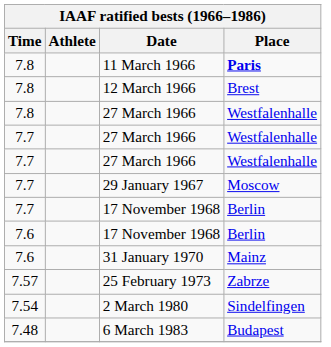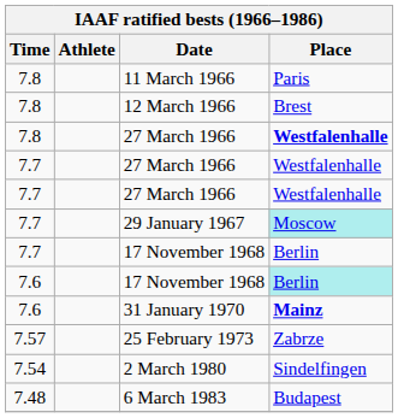 <table class="wikitable">
 <tr>
 <th colspan=5>IAAF ratified bests (1966–1986)</th>
 </tr>
 <tr>
 <th scope=col>Time</th>
 <th scope=col>Athlete</th>
 <th scope=col>Date</th>
 <th scope=col>Place</th>
 </tr>
 <tr>
 <td align=center>7.8</td>
 <td></td>
 <td>11 March 1966</td>
-<td><strong><a href='#'>Paris</a></strong></td>
+<td><a href='#'>Paris</a></td>
 </tr>
 <tr>
 <td align=center>7.8</td>
 <td></td>
 <td>12 March 1966</td>
 <td><a href='#'>Brest</a></td>
 </tr>
 <tr>
 <td align=center>7.8</td>
 <td></td>
 <td>27 March 1966</td>
-<td><a href='#'>Westfalenhalle</a></td>
+<td><strong><a href='#'>Westfalenhalle</a></strong></td>
 </tr>
 <tr>
 <td align=center>7.7</td>
 <td></td>
 <td>27 March 1966</td>
 <td><a href='#'>Westfalenhalle</a></td>
 </tr>
 <tr>
 <td align=center>7.7 </td>
 <td></td>
 <td>27 March 1966</td>
 <td><a href='#'>Westfalenhalle</a></td>
 </tr>
 <tr>
 <td align=center>7.7</td>
 <td></td>
 <td>29 January 1967</td>
-<td><a href='#'>Moscow</a></td>
+<td style="background: paleturquoise;"><a href='#'>Moscow</a></td>
 </tr>
 <tr>
 <td align=center>7.7</td>
 <td></td>
 <td>17 November 1968</td>
 <td><a href='#'>Berlin</a></td>
 </tr>
 <tr>
 <td align=center>7.6</td>
 <td></td>
 <td>17 November 1968</td>
-<td><a href='#'>Berlin</a></td>
+<td style="background: paleturquoise;"><a href='#'>Berlin</a></td>
 </tr>
 <tr>
 <td align=center>7.6</td>
 <td></td>
 <td>31 January 1970</td>
-<td><a href='#'>Mainz</a></td>
+<td><strong><a href='#'>Mainz</a></strong></td>
 </tr>
 <tr>
 <td align=center>7.57</td>
 <td></td>
 <td>25 February 1973</td>
 <td><a href='#'>Zabrze</a></td>
 </tr>
 <tr>
 <td align=center>7.54</td>
 <td></td>
 <td>2 March 1980</td>
 <td><a href='#'>Sindelfingen</a></td>
 </tr>
 <tr>
 <td align=center>7.48</td>
 <td></td>
 <td>6 March 1983</td>
 <td><a href='#'>Budapest</a></td>
 </tr>
 <tr>
 </tr>
 </table>
